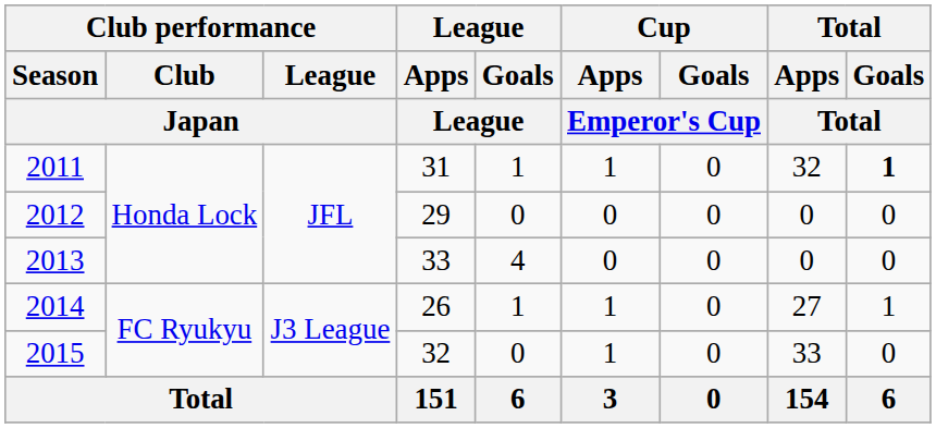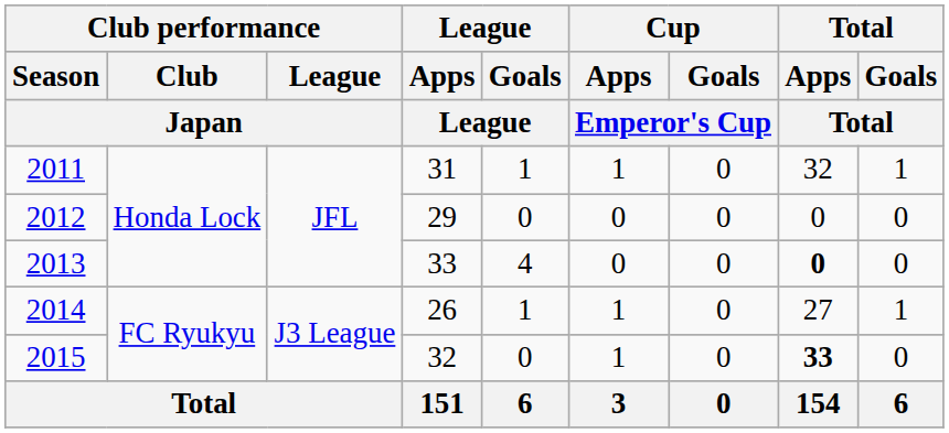 <table class="wikitable" style="text-align:center;">
 <tr>
 <th colspan=3>Club performance</th>
 <th colspan=2>League</th>
 <th colspan=2>Cup</th>
 <th colspan=2>Total</th>
 </tr>
 <tr>
 <th>Season</th>
 <th>Club</th>
 <th>League</th>
 <th>Apps</th>
 <th>Goals</th>
 <th>Apps</th>
 <th>Goals</th>
 <th>Apps</th>
 <th>Goals</th>
 </tr>
 <tr>
 <th colspan=3>Japan</th>
 <th colspan=2>League</th>
 <th colspan=2><a href='#'>Emperor's Cup</a></th>
 <th colspan=2>Total</th>
 </tr>
 <tr>
 <td><a href='#'>2011</a></td>
 <td rowspan="3"><a href='#'>Honda Lock</a></td>
 <td rowspan="3"><a href='#'>JFL</a></td>
 <td>31</td>
 <td>1</td>
 <td>1</td>
 <td>0</td>
 <td>32</td>
-<td><strong>1</strong></td>
+<td>1</td>
 </tr>
 <tr>
 <td><a href='#'>2012</a></td>
 <td>29</td>
 <td>0</td>
 <td>0</td>
 <td>0</td>
 <td>0</td>
 <td>0</td>
 </tr>
 <tr>
 <td><a href='#'>2013</a></td>
 <td>33</td>
 <td>4</td>
 <td>0</td>
 <td>0</td>
-<td>0</td>
+<td><strong>0</strong></td>
 <td>0</td>
 </tr>
 <tr>
 <td><a href='#'>2014</a></td>
 <td rowspan="2"><a href='#'>FC Ryukyu</a></td>
 <td rowspan="2"><a href='#'>J3 League</a></td>
 <td>26</td>
 <td>1</td>
 <td>1</td>
 <td>0</td>
 <td>27</td>
 <td>1</td>
 </tr>
 <tr>
 <td><a href='#'>2015</a></td>
 <td>32</td>
 <td>0</td>
 <td>1</td>
 <td>0</td>
-<td>33</td>
+<td><strong>33</strong></td>
 <td>0</td>
 </tr>
 <tr>
 <th colspan=3>Total</th>
 <th>151</th>
 <th>6</th>
 <th>3</th>
 <th>0</th>
 <th>154</th>
 <th>6</th>
 </tr>
 </table>
